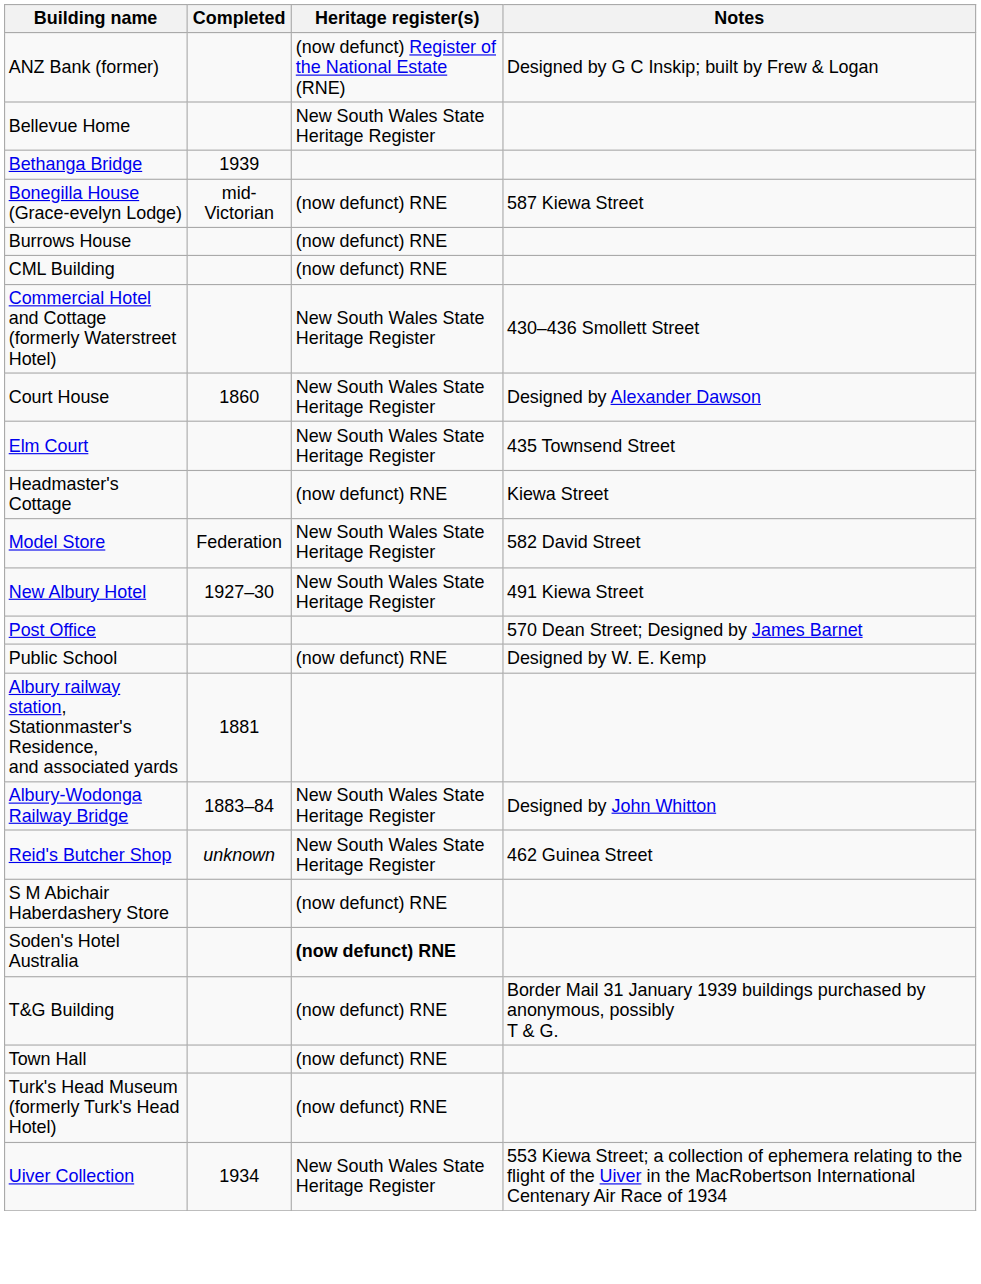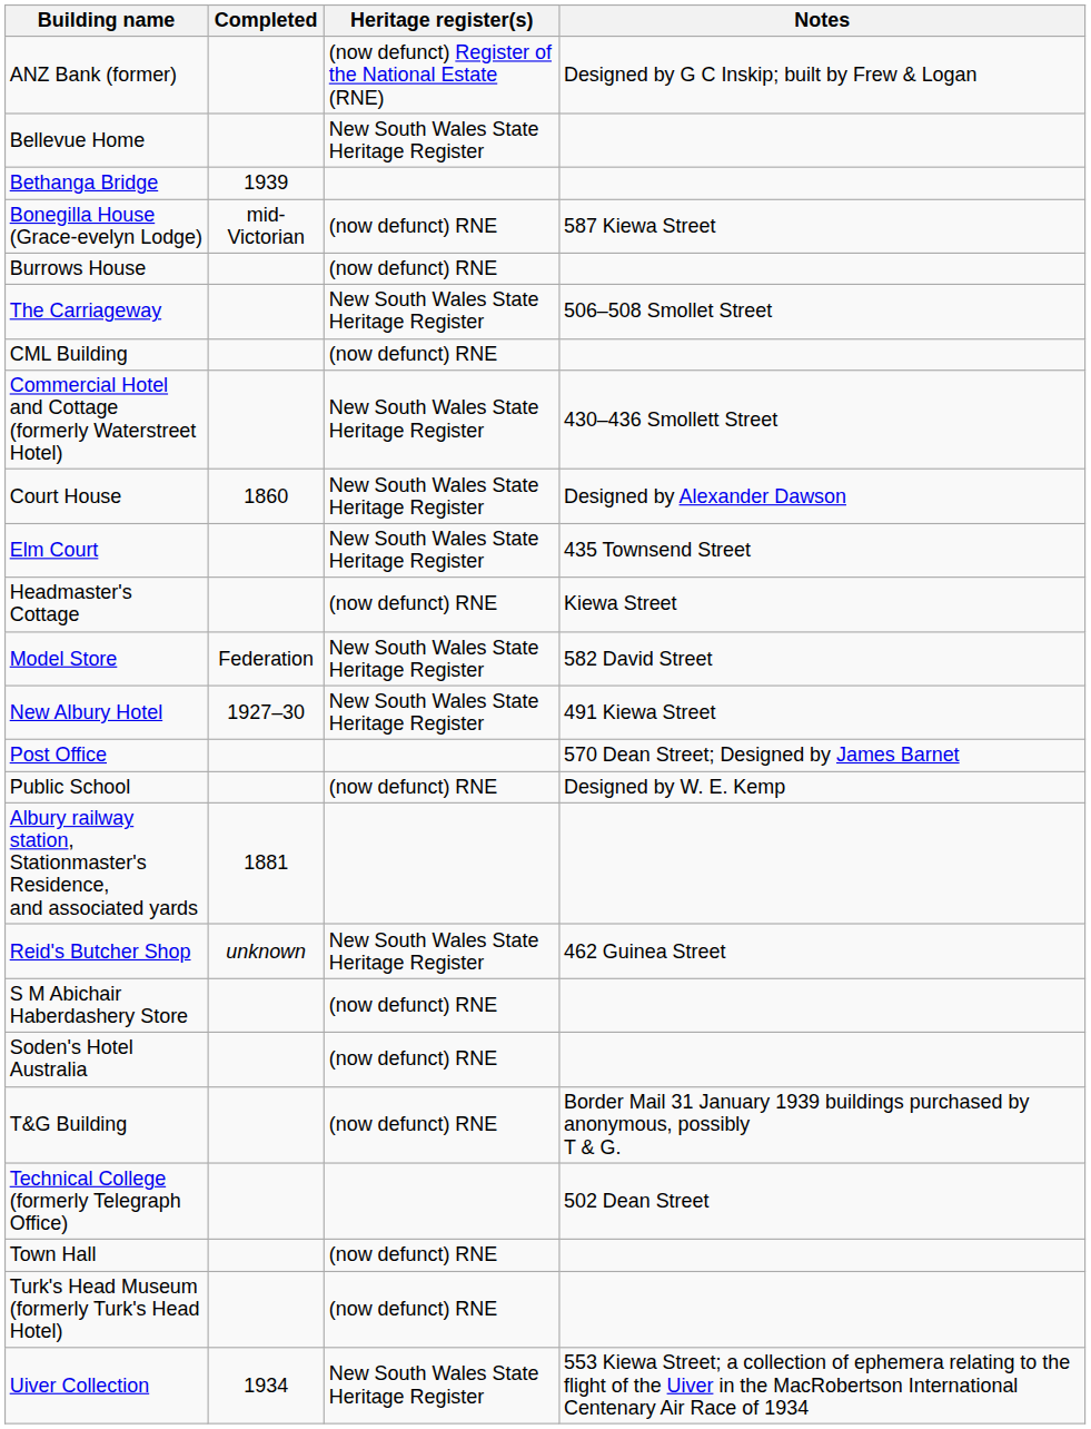 <table class="wikitable sortable">
 <tr>
 <th>Building name</th>
 <th>Completed</th>
 <th>Heritage register(s)</th>
 <th>Notes</th>
 </tr>
 <tr>
 <td>ANZ Bank (former)</td>
 <td align=center></td>
 <td>(now defunct) <a href='#'>Register of the National Estate</a> (RNE)</td>
 <td>Designed by G C Inskip; built by Frew & Logan</td>
 </tr>
 <tr>
 <td>Bellevue Home</td>
 <td align=center></td>
 <td>New South Wales State Heritage Register</td>
 <td></td>
 </tr>
 <tr>
 <td><a href='#'>Bethanga Bridge</a></td>
 <td align=center>1939</td>
 <td></td>
 <td></td>
 </tr>
 <tr>
 <td><a href='#'>Bonegilla House</a><br>(Grace-evelyn Lodge)</td>
 <td align=center>mid-Victorian</td>
 <td>(now defunct) RNE</td>
 <td>587 Kiewa Street</td>
 </tr>
 <tr>
 <td>Burrows House</td>
 <td align=center></td>
 <td>(now defunct) RNE</td>
 <td></td>
+</tr>
+<tr>
+<td><a href='#'>The Carriageway</a></td>
+<td align=center></td>
+<td>New South Wales State Heritage Register</td>
+<td>506–508 Smollet Street</td>
 </tr>
 <tr>
 <td>CML Building</td>
 <td align=center></td>
 <td>(now defunct) RNE</td>
 <td></td>
 </tr>
 <tr>
 <td><a href='#'>Commercial Hotel</a> and Cottage<br>(formerly Waterstreet Hotel)</td>
 <td align=center></td>
 <td>New South Wales State Heritage Register</td>
 <td>430–436 Smollett Street</td>
 </tr>
 <tr>
 <td>Court House</td>
 <td align=center>1860</td>
 <td>New South Wales State Heritage Register</td>
 <td>Designed by <a href='#'>Alexander Dawson</a></td>
 </tr>
 <tr>
 <td><a href='#'>Elm Court</a></td>
 <td align=center></td>
 <td>New South Wales State Heritage Register</td>
 <td>435 Townsend Street</td>
 </tr>
 <tr>
 <td>Headmaster's Cottage</td>
 <td align=center></td>
 <td>(now defunct) RNE</td>
 <td>Kiewa Street</td>
 </tr>
 <tr>
 <td><a href='#'>Model Store</a></td>
 <td align=center>Federation</td>
 <td>New South Wales State Heritage Register</td>
 <td>582 David Street</td>
 </tr>
 <tr>
 <td><a href='#'>New Albury Hotel</a></td>
 <td align=center>1927–30</td>
 <td>New South Wales State Heritage Register</td>
 <td>491 Kiewa Street</td>
 </tr>
 <tr>
 <td><a href='#'>Post Office</a></td>
 <td align=center></td>
 <td></td>
 <td>570 Dean Street; Designed by <a href='#'>James Barnet</a></td>
 </tr>
 <tr>
 <td>Public School</td>
 <td align=center></td>
 <td>(now defunct) RNE</td>
 <td>Designed by W. E. Kemp</td>
 </tr>
 <tr>
 <td><a href='#'>Albury railway station</a>,<br>Stationmaster's Residence,<br>and associated yards</td>
 <td align=center>1881</td>
 <td></td>
 <td></td>
 </tr>
 <tr>
-<td><a href='#'>Albury-Wodonga Railway Bridge</a></td>
-<td align=center>1883–84</td>
-<td>New South Wales State Heritage Register</td>
-<td>Designed by <a href='#'>John Whitton</a></td>
-</tr>
-<tr>
 <td><a href='#'>Reid's Butcher Shop</a></td>
 <td align=center><em>unknown</em></td>
 <td>New South Wales State Heritage Register</td>
 <td>462 Guinea Street</td>
 </tr>
 <tr>
 <td>S M Abichair Haberdashery Store</td>
 <td align=center></td>
 <td>(now defunct) RNE</td>
 <td></td>
 </tr>
 <tr>
 <td>Soden's Hotel Australia</td>
 <td align=center></td>
-<td><strong>(now defunct) RNE</strong></td>
+<td>(now defunct) RNE</td>
 <td></td>
 </tr>
 <tr>
 <td>T&G Building</td>
 <td align=center></td>
 <td>(now defunct) RNE</td>
 <td>Border Mail 31 January 1939 buildings purchased by anonymous, possibly<br>T & G. <br></td>
+</tr>
+<tr>
+<td><a href='#'>Technical College</a><br>(formerly Telegraph Office)</td>
+<td align=center></td>
+<td></td>
+<td>502 Dean Street</td>
 </tr>
 <tr>
 <td>Town Hall</td>
 <td align=center></td>
 <td>(now defunct) RNE</td>
 <td></td>
 </tr>
 <tr>
 <td>Turk's Head Museum<br>(formerly Turk's Head Hotel)</td>
 <td align=center></td>
 <td>(now defunct) RNE</td>
 <td></td>
 </tr>
 <tr>
 <td><a href='#'>Uiver Collection</a></td>
 <td align=center>1934</td>
 <td>New South Wales State Heritage Register</td>
 <td>553 Kiewa Street; a collection of ephemera relating to the flight of the <a href='#'>Uiver</a> in the MacRobertson International Centenary Air Race of 1934</td>
 </tr>
 </table>
